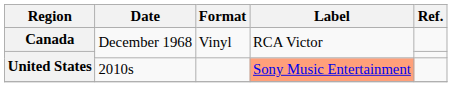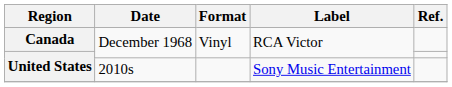 <table class="wikitable plainrowheaders">
 <tr>
 <th scope="col">Region</th>
 <th scope="col">Date</th>
 <th scope="col">Format</th>
 <th scope="col">Label</th>
 <th scope="col">Ref.</th>
 </tr>
 <tr>
 <th scope="row">Canada</th>
 <td rowspan="2">December 1968</td>
 <td rowspan="2">Vinyl</td>
 <td rowspan="2">RCA Victor</td>
 <td></td>
 </tr>
 <tr>
 <th scope="row" rowspan="2">United States</th>
 <td></td>
 </tr>
 <tr>
 <td>2010s</td>
 <td></td>
-<td style="background: lightsalmon;"><a href='#'>Sony Music Entertainment</a></td>
+<td><a href='#'>Sony Music Entertainment</a></td>
 <td></td>
 </tr>
 <tr>
 </tr>
 </table>
